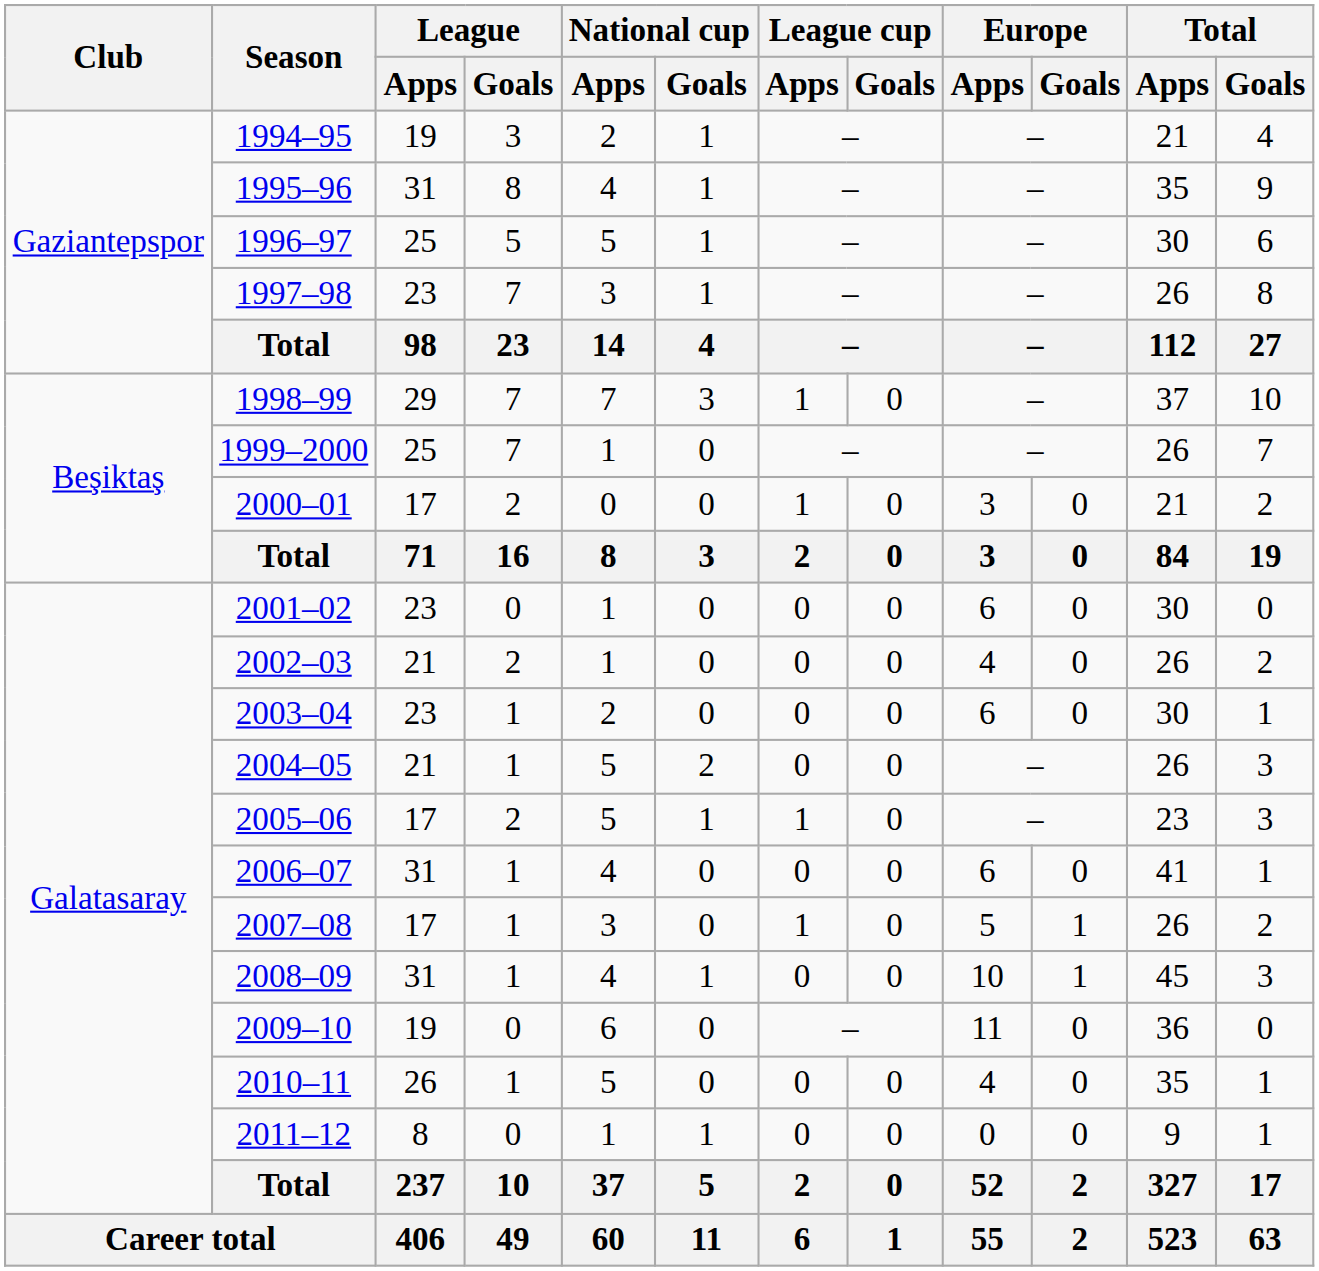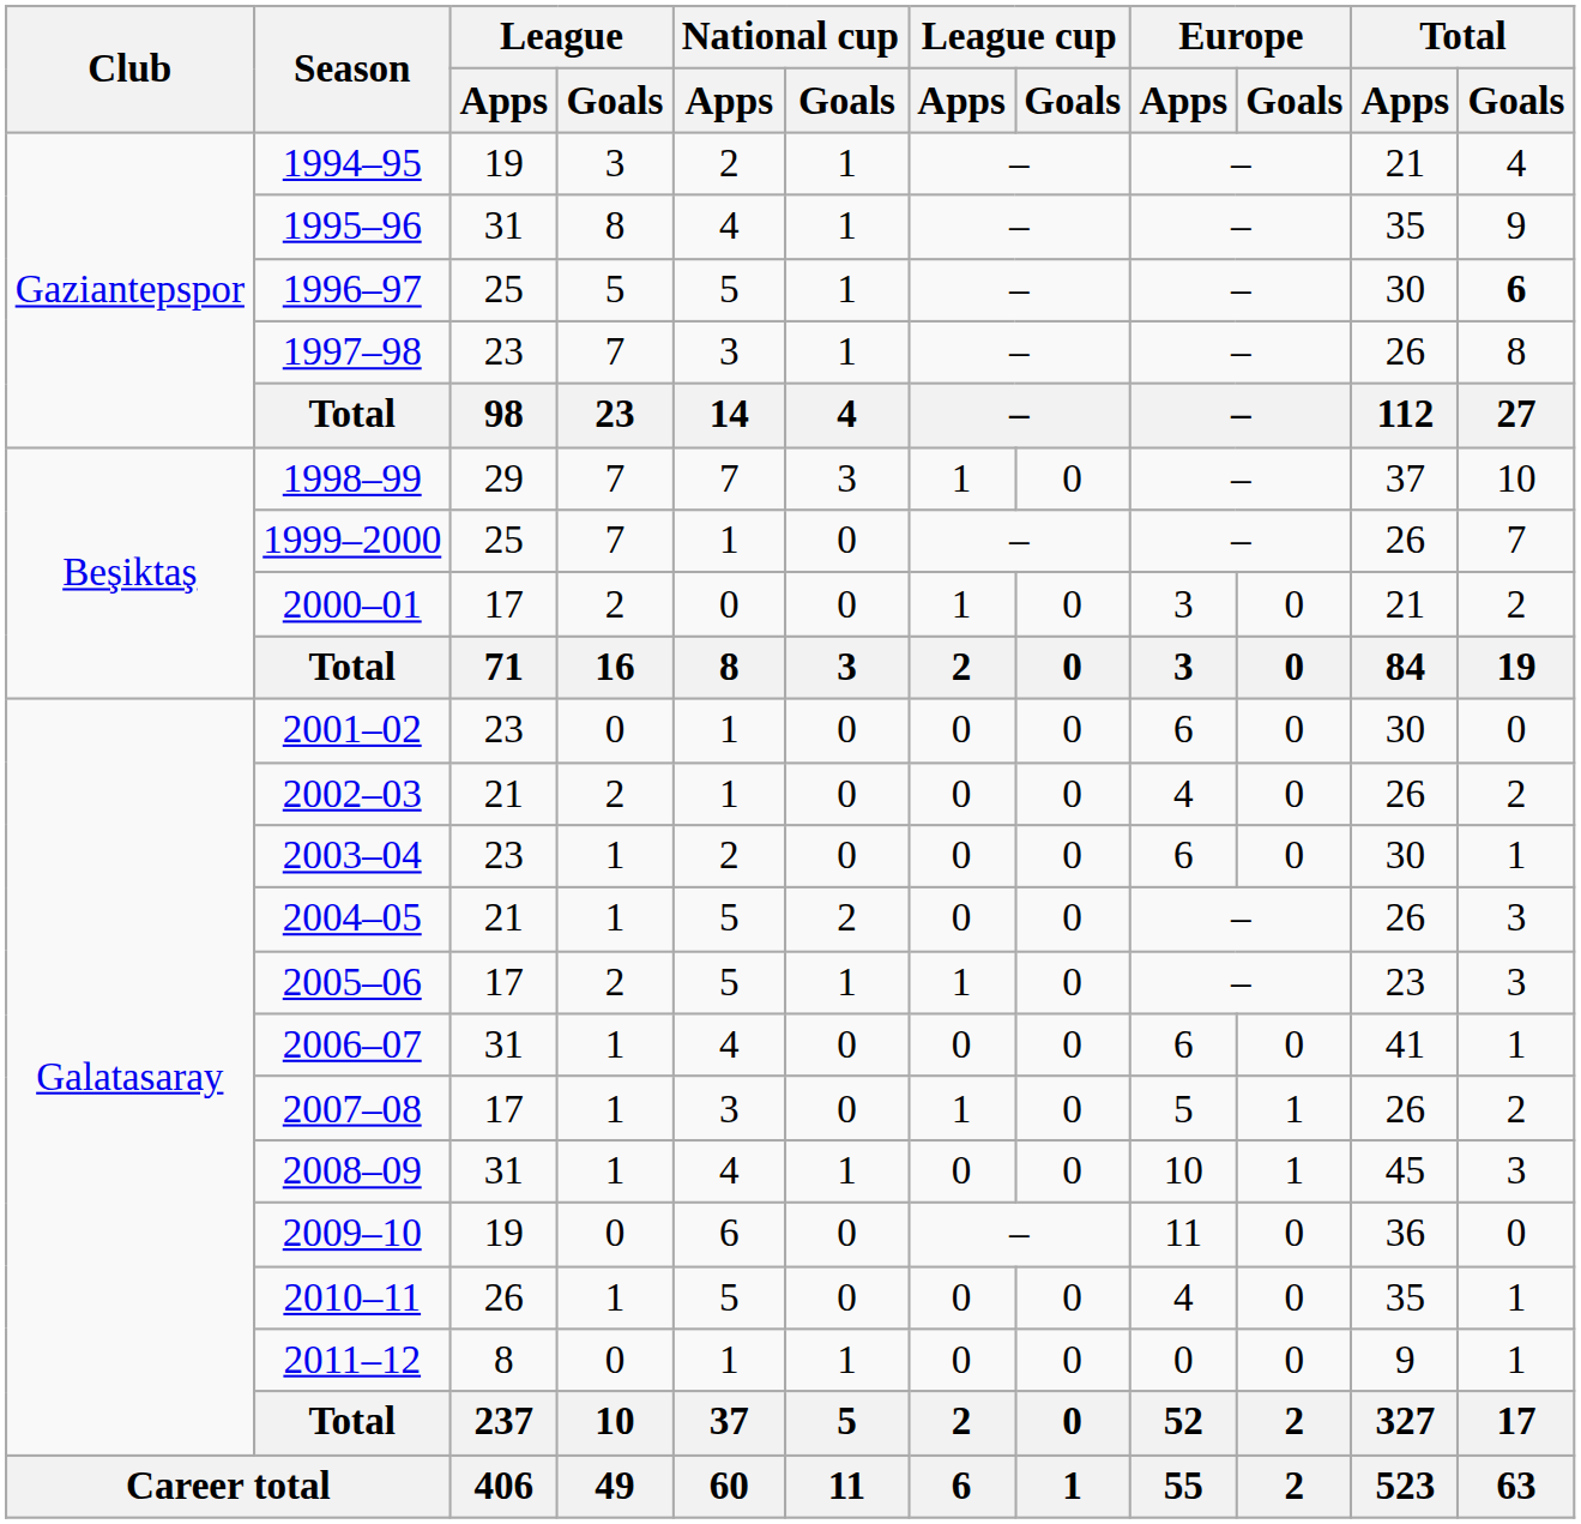 <table class="wikitable" style="text-align:center">
 <tr>
 <th rowspan="2">Club</th>
 <th rowspan="2">Season</th>
 <th colspan="2">League</th>
 <th colspan="2">National cup</th>
 <th colspan="2">League cup</th>
 <th colspan="2">Europe</th>
 <th colspan="2">Total</th>
 </tr>
 <tr>
 <th>Apps</th>
 <th>Goals</th>
 <th>Apps</th>
 <th>Goals</th>
 <th>Apps</th>
 <th>Goals</th>
 <th>Apps</th>
 <th>Goals</th>
 <th>Apps</th>
 <th>Goals</th>
 </tr>
 <tr>
 <td rowspan="5"><a href='#'>Gaziantepspor</a></td>
 <td><a href='#'>1994–95</a></td>
 <td>19</td>
 <td>3</td>
 <td>2</td>
 <td>1</td>
 <td colspan="2">–</td>
 <td colspan="2">–</td>
 <td>21</td>
 <td>4</td>
 </tr>
 <tr>
 <td><a href='#'>1995–96</a></td>
 <td>31</td>
 <td>8</td>
 <td>4</td>
 <td>1</td>
 <td colspan="2">–</td>
 <td colspan="2">–</td>
 <td>35</td>
 <td>9</td>
 </tr>
 <tr>
 <td><a href='#'>1996–97</a></td>
 <td>25</td>
 <td>5</td>
 <td>5</td>
 <td>1</td>
 <td colspan="2">–</td>
 <td colspan="2">–</td>
 <td>30</td>
-<td>6</td>
+<td><strong>6</strong></td>
 </tr>
 <tr>
 <td><a href='#'>1997–98</a></td>
 <td>23</td>
 <td>7</td>
 <td>3</td>
 <td>1</td>
 <td colspan="2">–</td>
 <td colspan="2">–</td>
 <td>26</td>
 <td>8</td>
 </tr>
 <tr>
 <th>Total</th>
 <th>98</th>
 <th>23</th>
 <th>14</th>
 <th>4</th>
 <th colspan="2">–</th>
 <th colspan="2">–</th>
 <th>112</th>
 <th>27</th>
 </tr>
 <tr>
 <td rowspan="4"><a href='#'>Beşiktaş</a></td>
 <td><a href='#'>1998–99</a></td>
 <td>29</td>
 <td>7</td>
 <td>7</td>
 <td>3</td>
 <td>1</td>
 <td>0</td>
 <td colspan="2">–</td>
 <td>37</td>
 <td>10</td>
 </tr>
 <tr>
 <td><a href='#'>1999–2000</a></td>
 <td>25</td>
 <td>7</td>
 <td>1</td>
 <td>0</td>
 <td colspan="2">–</td>
 <td colspan="2">–</td>
 <td>26</td>
 <td>7</td>
 </tr>
 <tr>
 <td><a href='#'>2000–01</a></td>
 <td>17</td>
 <td>2</td>
 <td>0</td>
 <td>0</td>
 <td>1</td>
 <td>0</td>
 <td>3</td>
 <td>0</td>
 <td>21</td>
 <td>2</td>
 </tr>
 <tr>
 <th>Total</th>
 <th>71</th>
 <th>16</th>
 <th>8</th>
 <th>3</th>
 <th>2</th>
 <th>0</th>
 <th>3</th>
 <th>0</th>
 <th>84</th>
 <th>19</th>
 </tr>
 <tr>
 <td rowspan="12"><a href='#'>Galatasaray</a></td>
 <td><a href='#'>2001–02</a></td>
 <td>23</td>
 <td>0</td>
 <td>1</td>
 <td>0</td>
 <td>0</td>
 <td>0</td>
 <td>6</td>
 <td>0</td>
 <td>30</td>
 <td>0</td>
 </tr>
 <tr>
 <td><a href='#'>2002–03</a></td>
 <td>21</td>
 <td>2</td>
 <td>1</td>
 <td>0</td>
 <td>0</td>
 <td>0</td>
 <td>4</td>
 <td>0</td>
 <td>26</td>
 <td>2</td>
 </tr>
 <tr>
 <td><a href='#'>2003–04</a></td>
 <td>23</td>
 <td>1</td>
 <td>2</td>
 <td>0</td>
 <td>0</td>
 <td>0</td>
 <td>6</td>
 <td>0</td>
 <td>30</td>
 <td>1</td>
 </tr>
 <tr>
 <td><a href='#'>2004–05</a></td>
 <td>21</td>
 <td>1</td>
 <td>5</td>
 <td>2</td>
 <td>0</td>
 <td>0</td>
 <td colspan="2">–</td>
 <td>26</td>
 <td>3</td>
 </tr>
 <tr>
 <td><a href='#'>2005–06</a></td>
 <td>17</td>
 <td>2</td>
 <td>5</td>
 <td>1</td>
 <td>1</td>
 <td>0</td>
 <td colspan="2">–</td>
 <td>23</td>
 <td>3</td>
 </tr>
 <tr>
 <td><a href='#'>2006–07</a></td>
 <td>31</td>
 <td>1</td>
 <td>4</td>
 <td>0</td>
 <td>0</td>
 <td>0</td>
 <td>6</td>
 <td>0</td>
 <td>41</td>
 <td>1</td>
 </tr>
 <tr>
 <td><a href='#'>2007–08</a></td>
 <td>17</td>
 <td>1</td>
 <td>3</td>
 <td>0</td>
 <td>1</td>
 <td>0</td>
 <td>5</td>
 <td>1</td>
 <td>26</td>
 <td>2</td>
 </tr>
 <tr>
 <td><a href='#'>2008–09</a></td>
 <td>31</td>
 <td>1</td>
 <td>4</td>
 <td>1</td>
 <td>0</td>
 <td>0</td>
 <td>10</td>
 <td>1</td>
 <td>45</td>
 <td>3</td>
 </tr>
 <tr>
 <td><a href='#'>2009–10</a></td>
 <td>19</td>
 <td>0</td>
 <td>6</td>
 <td>0</td>
 <td colspan="2">–</td>
 <td>11</td>
 <td>0</td>
 <td>36</td>
 <td>0</td>
 </tr>
 <tr>
 <td><a href='#'>2010–11</a></td>
 <td>26</td>
 <td>1</td>
 <td>5</td>
 <td>0</td>
 <td>0</td>
 <td>0</td>
 <td>4</td>
 <td>0</td>
 <td>35</td>
 <td>1</td>
 </tr>
 <tr>
 <td><a href='#'>2011–12</a></td>
 <td>8</td>
 <td>0</td>
 <td>1</td>
 <td>1</td>
 <td>0</td>
 <td>0</td>
 <td>0</td>
 <td>0</td>
 <td>9</td>
 <td>1</td>
 </tr>
 <tr>
 <th>Total</th>
 <th>237</th>
 <th>10</th>
 <th>37</th>
 <th>5</th>
 <th>2</th>
 <th>0</th>
 <th>52</th>
 <th>2</th>
 <th>327</th>
 <th>17</th>
 </tr>
 <tr>
 <th colspan="2">Career total</th>
 <th>406</th>
 <th>49</th>
 <th>60</th>
 <th>11</th>
 <th>6</th>
 <th>1</th>
 <th>55</th>
 <th>2</th>
 <th>523</th>
 <th>63</th>
 </tr>
 </table>
